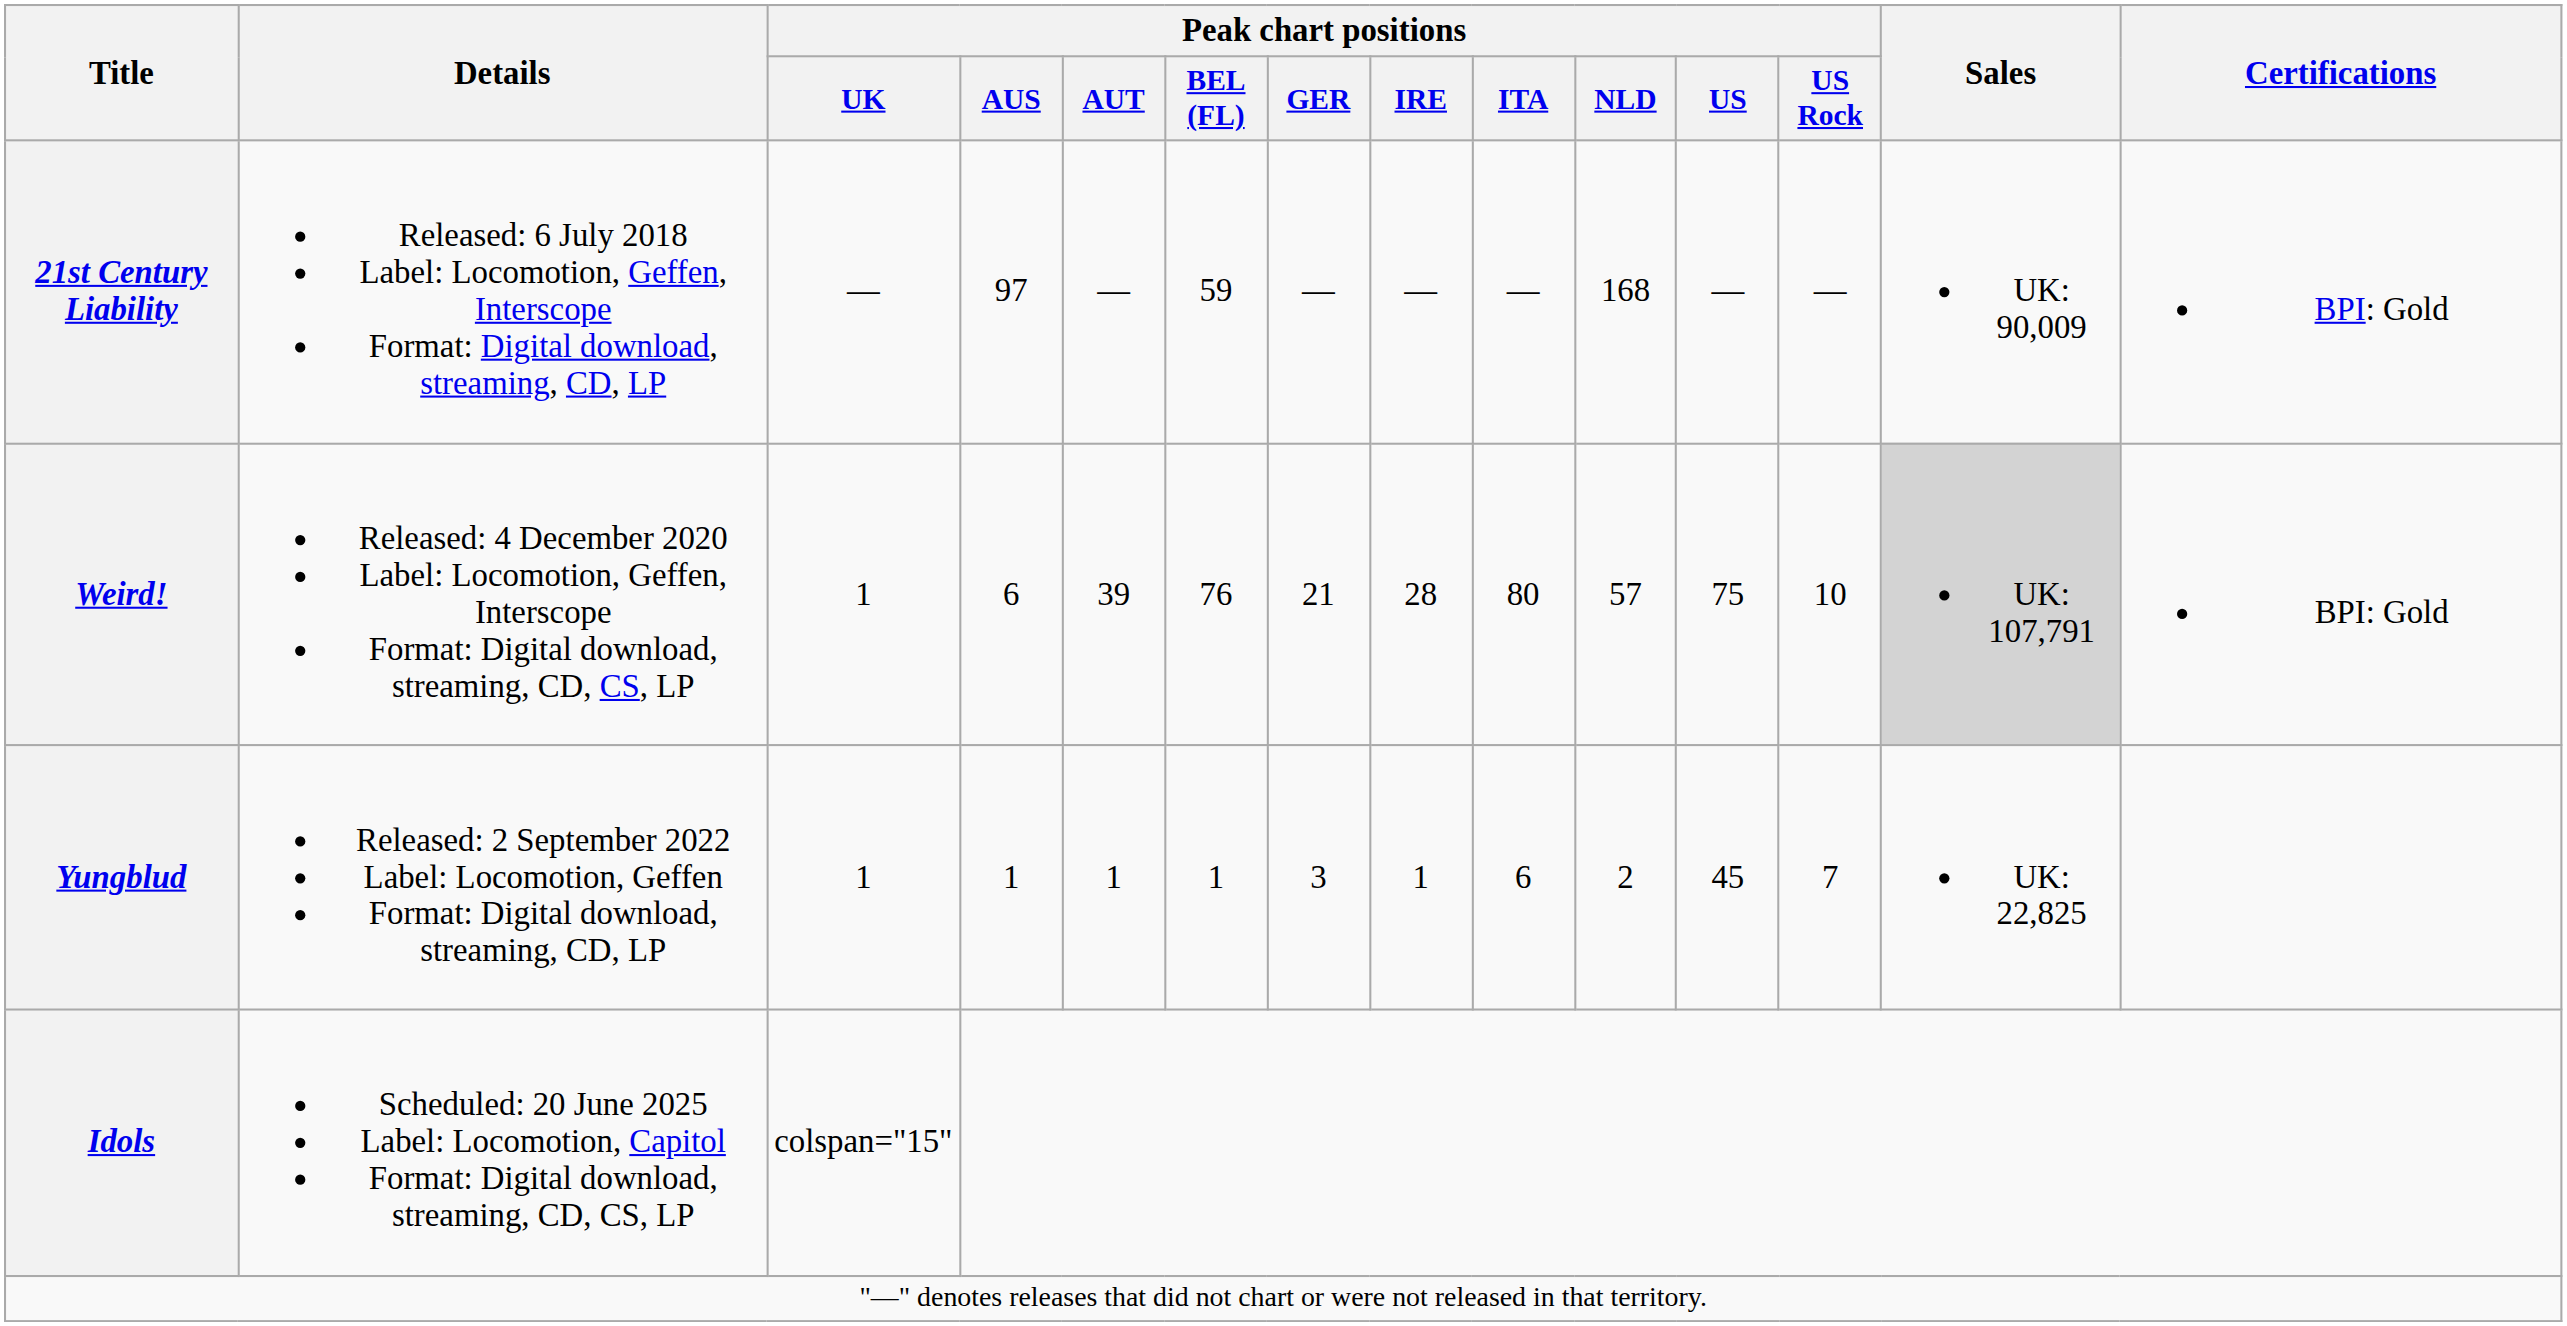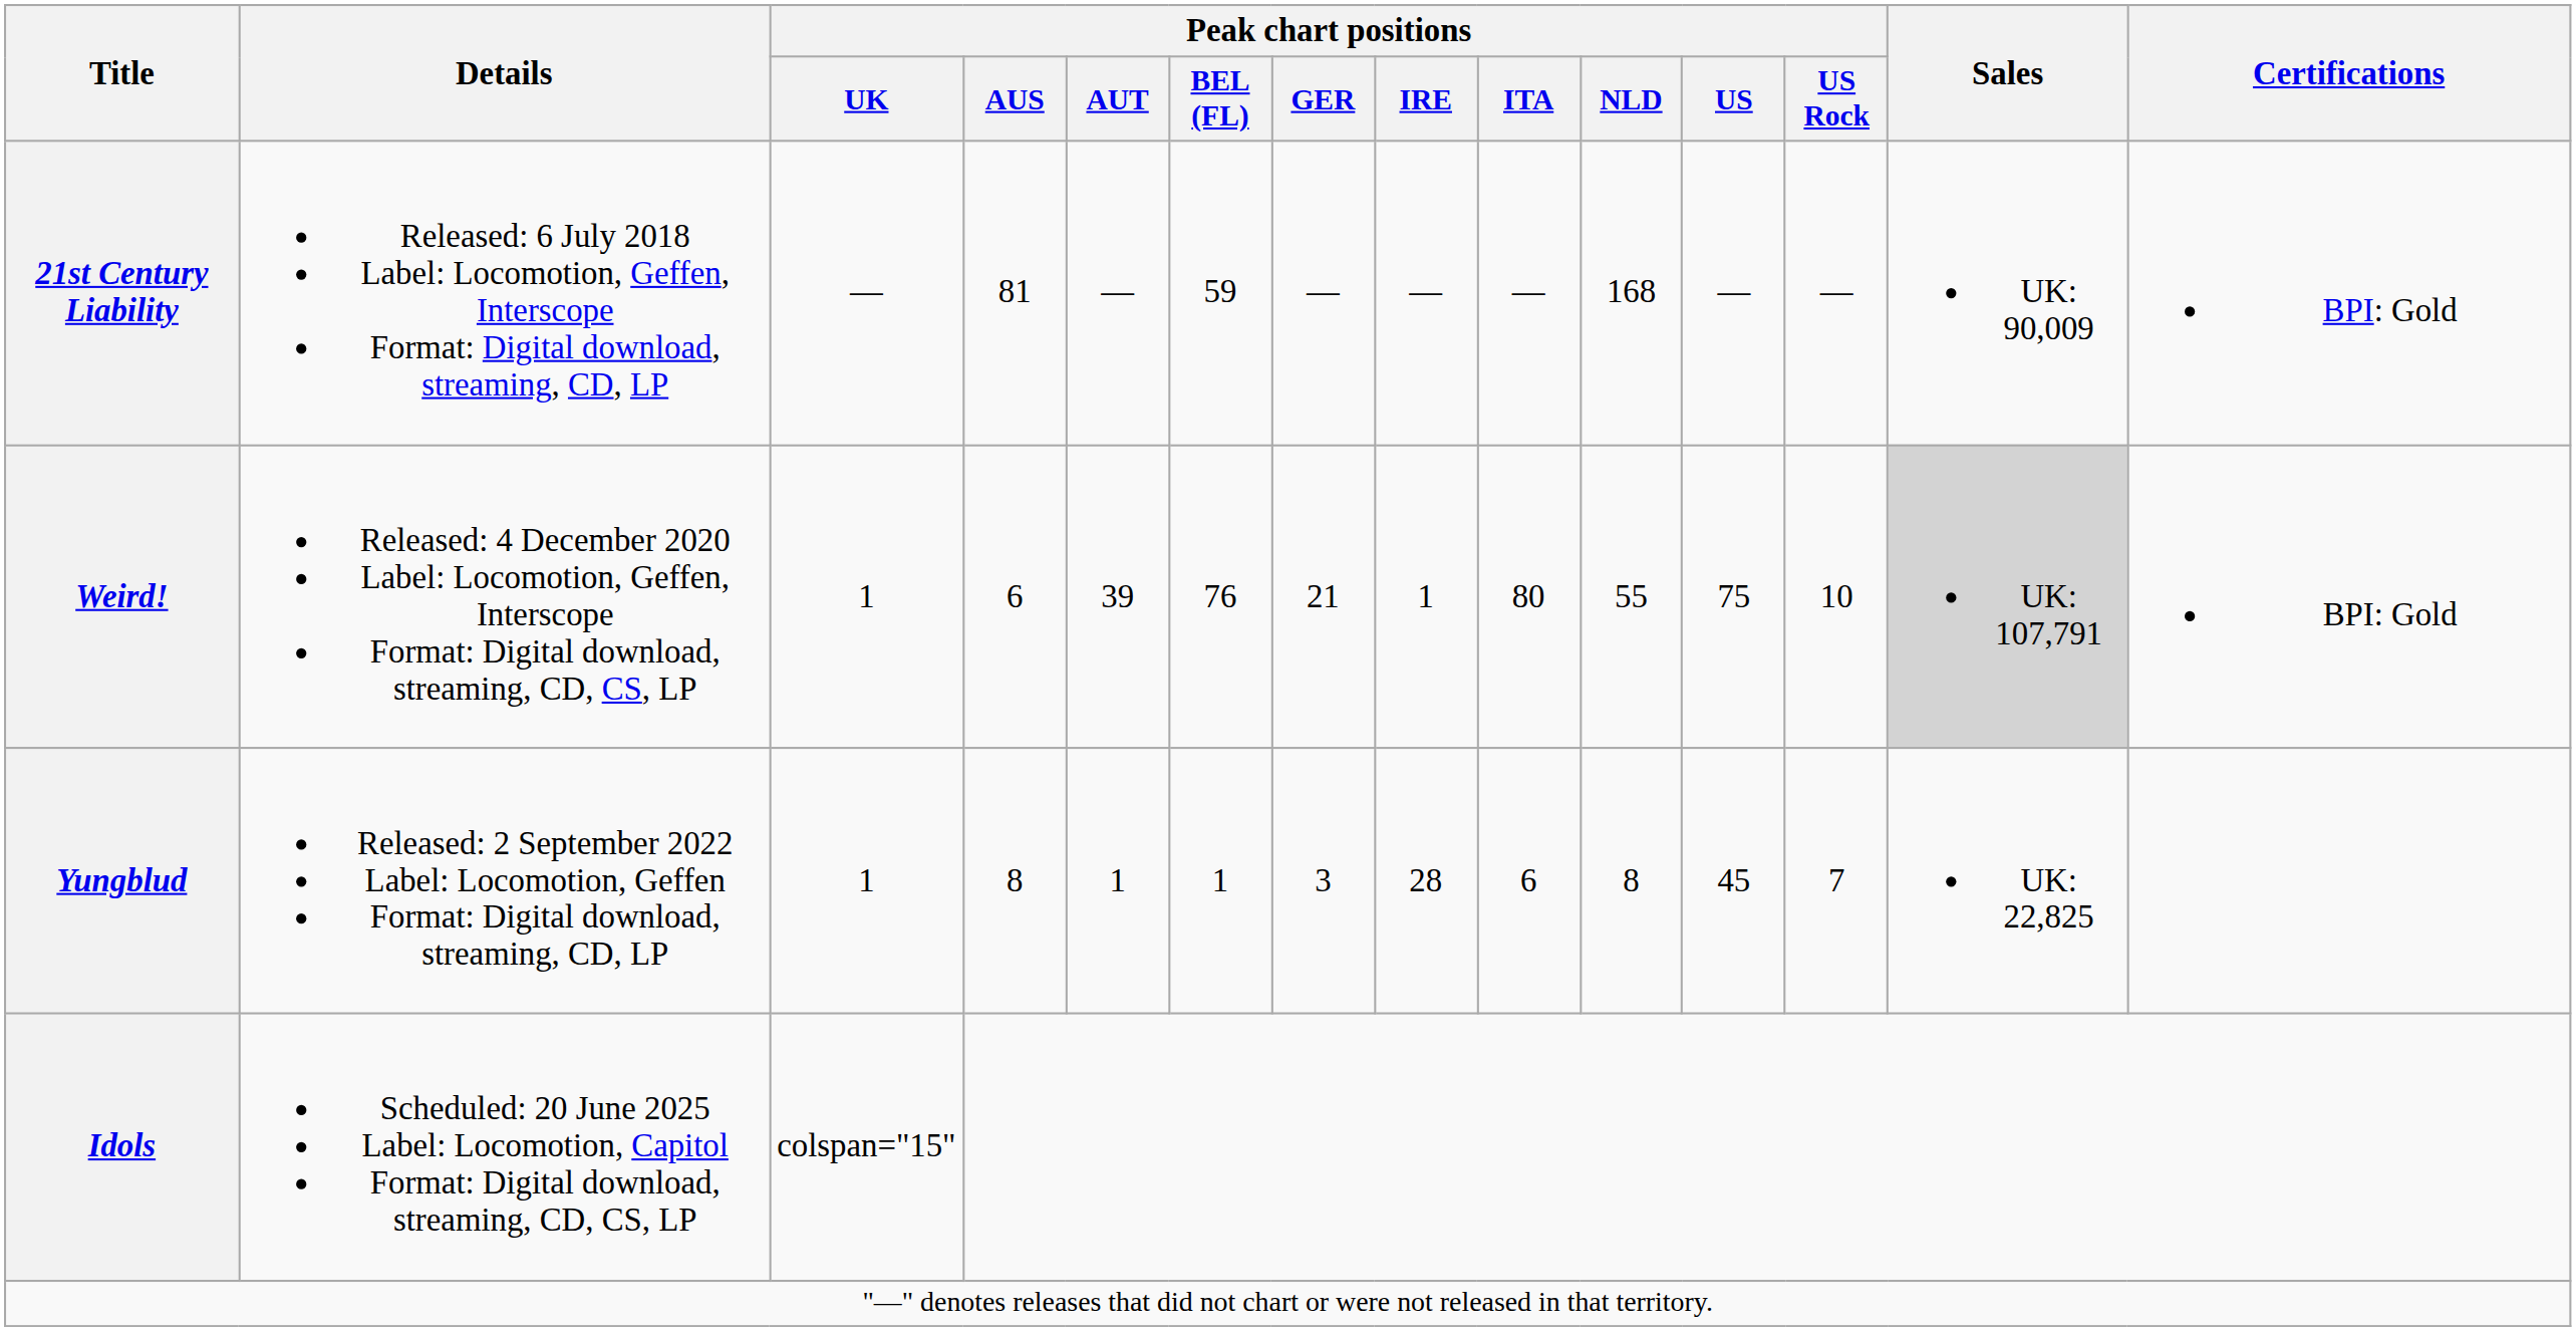 <table class="wikitable plainrowheaders" style="text-align:center;">
 <tr>
 <th scope="col" rowspan="2">Title</th>
 <th scope="col" rowspan="2">Details</th>
 <th scope="col" colspan="10">Peak chart positions</th>
 <th scope="col" rowspan="2">Sales</th>
 <th scope="col" rowspan="2" style="width:13em;"><a href='#'>Certifications</a></th>
 </tr>
 <tr>
 <th scope="col" style="width:3em;font-size:90%;"><a href='#'>UK</a><br></th>
 <th scope="col" style="width:3em;font-size:90%;"><a href='#'>AUS</a><br></th>
 <th scope="col" style="width:3em;font-size:90%;"><a href='#'>AUT</a><br></th>
 <th scope="col" style="width:3em;font-size:90%;"><a href='#'>BEL<br>(FL)</a><br></th>
 <th scope="col" style="width:3em;font-size:90%;"><a href='#'>GER</a><br></th>
 <th scope="col" style="width:3em;font-size:90%;"><a href='#'>IRE</a><br></th>
 <th scope="col" style="width:3em;font-size:90%;"><a href='#'>ITA</a><br></th>
 <th scope="col" style="width:3em;font-size:90%;"><a href='#'>NLD</a><br></th>
 <th scope="col" style="width:3em;font-size:90%;"><a href='#'>US</a><br></th>
 <th scope="col" style="width:3em;font-size:90%;"><a href='#'>US<br>Rock</a><br></th>
 </tr>
 <tr>
 <th scope="row"><em><a href='#'>21st Century Liability</a></em></th>
 <td><br><ul><li>Released: 6 July 2018</li><li>Label: Locomotion, <a href='#'>Geffen</a>, <a href='#'>Interscope</a></li><li>Format: <a href='#'>Digital download</a>, <a href='#'>streaming</a>, <a href='#'>CD</a>, <a href='#'>LP</a></li></ul></td>
 <td>—</td>
-<td>97</td>
+<td>81</td>
 <td>—</td>
 <td>59</td>
 <td>—</td>
 <td>—</td>
 <td>—</td>
 <td>168</td>
 <td>—</td>
 <td>—</td>
 <td><br><ul><li>UK: 90,009</li></ul></td>
 <td><br><ul><li><a href='#'>BPI</a>: Gold</li></ul></td>
 </tr>
 <tr>
 <th scope="row"><em><a href='#'>Weird!</a></em></th>
 <td><br><ul><li>Released: 4 December 2020</li><li>Label: Locomotion, Geffen, Interscope</li><li>Format: Digital download, streaming, CD, <a href='#'>CS</a>, LP</li></ul></td>
 <td>1</td>
 <td>6</td>
 <td>39</td>
 <td>76</td>
 <td>21</td>
-<td>28</td>
+<td>1<br></td>
 <td>80</td>
-<td>57</td>
+<td>55</td>
 <td>75</td>
 <td>10</td>
 <td style="background: lightgrey;"><br><ul><li>UK: 107,791</li></ul></td>
 <td><br><ul><li>BPI: Gold</li></ul></td>
 </tr>
 <tr>
 <th scope="row"><em><a href='#'>Yungblud</a></em></th>
 <td><br><ul><li>Released: 2 September 2022</li><li>Label: Locomotion, Geffen</li><li>Format: Digital download, streaming, CD, LP</li></ul></td>
 <td>1</td>
-<td>1<br></td>
+<td>8<br></td>
 <td>1</td>
 <td>1</td>
 <td>3</td>
-<td>1<br></td>
+<td>28</td>
 <td>6<br></td>
-<td>2</td>
+<td>8</td>
 <td>45</td>
 <td>7</td>
 <td><br><ul><li>UK: 22,825</li></ul></td>
 <td></td>
 </tr>
 <tr>
 <th scope="row"><em><a href='#'>Idols</a></em></th>
 <td><br><ul><li>Scheduled: 20 June 2025</li><li>Label: Locomotion, <a href='#'>Capitol</a></li><li>Format: Digital download, streaming, CD, CS, LP</li></ul></td>
 <td>colspan="15" </td>
 </tr>
 <tr>
 <td colspan="15" style="font-size:85%;">"—" denotes releases that did not chart or were not released in that territory.</td>
 </tr>
 </table>
